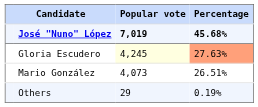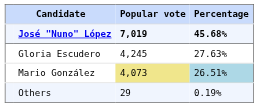 <table style="border: 1px solid #666666; border-collapse: collapse" align="center" cellpadding="6">
 <tr style="background-color: #C9DBFC">
 <th colspan="2">Candidate</th>
 <th>Popular vote</th>
 <th>Percentage</th>
 </tr>
 <tr style="background-color: #F0F5FE">
 <td style="border-top: 1px solid #DDDDDD"></td>
 <td style="border-top: 1px solid #DDDDDD"><strong><a href='#'>José "Nuno" López</a></strong></td>
 <td style="border-top: 1px solid #DDDDDD"><strong>7,019</strong></td>
 <td style="border-top: 1px solid #DDDDDD"><strong>45.68%</strong></td>
 </tr>
 <tr>
 <td style="border-top: 1px solid #666666"></td>
 <td style="border-top: 1px solid #666666">Gloria Escudero</td>
-<td style="background: lightyellow; border-top: 1px solid #666666">4,245</td>
-<td style="background: lightsalmon; border-top: 1px solid #666666">27.63%</td>
+<td style="border-top: 1px solid #666666">4,245</td>
+<td style="border-top: 1px solid #666666">27.63%</td>
 </tr>
 <tr>
 <td style="border-top: 1px solid #DDDDDD"></td>
 <td style="border-top: 1px solid #DDDDDD">Mario González</td>
-<td style="border-top: 1px solid #DDDDDD">4,073</td>
-<td style="border-top: 1px solid #DDDDDD">26.51%</td>
+<td style="background: khaki; border-top: 1px solid #DDDDDD">4,073</td>
+<td style="background: lightblue; border-top: 1px solid #DDDDDD">26.51%</td>
 </tr>
 <tr style="background-color: #F0F5FE">
 <td style="border-top: 1px solid #DDDDDD"></td>
 <td style="border-top: 1px solid #DDDDDD">Others</td>
 <td style="border-top: 1px solid #DDDDDD">29</td>
 <td style="border-top: 1px solid #DDDDDD">0.19%</td>
 </tr>
 </table>
